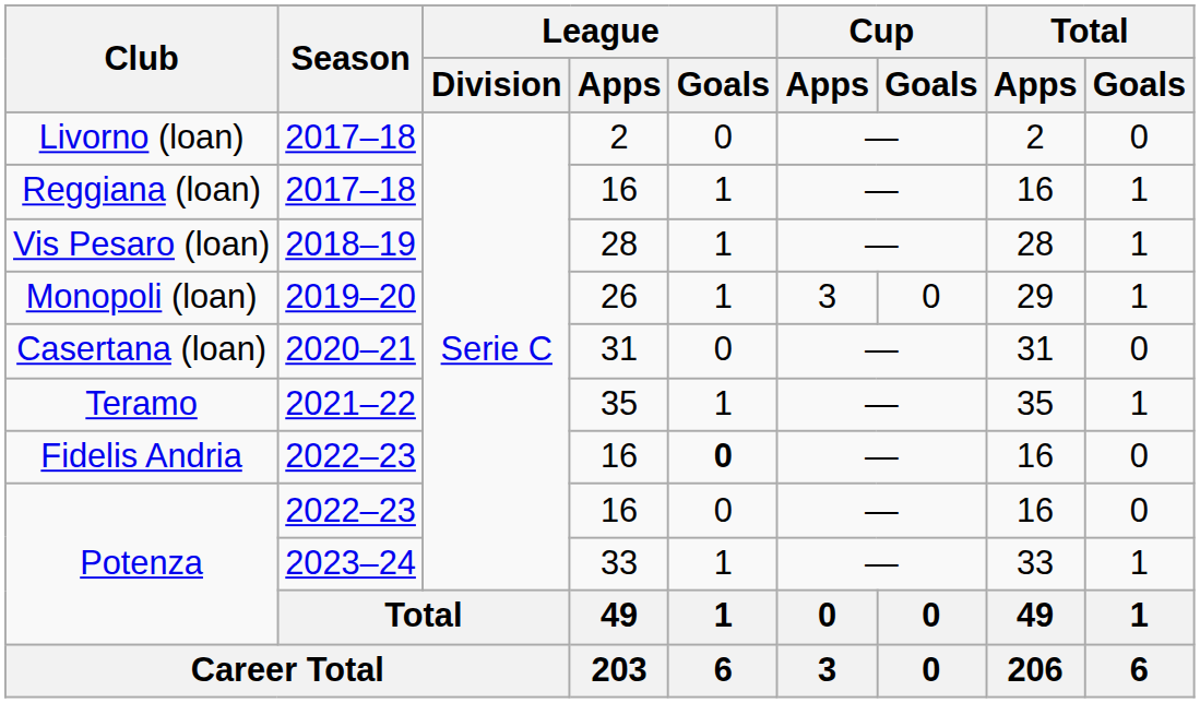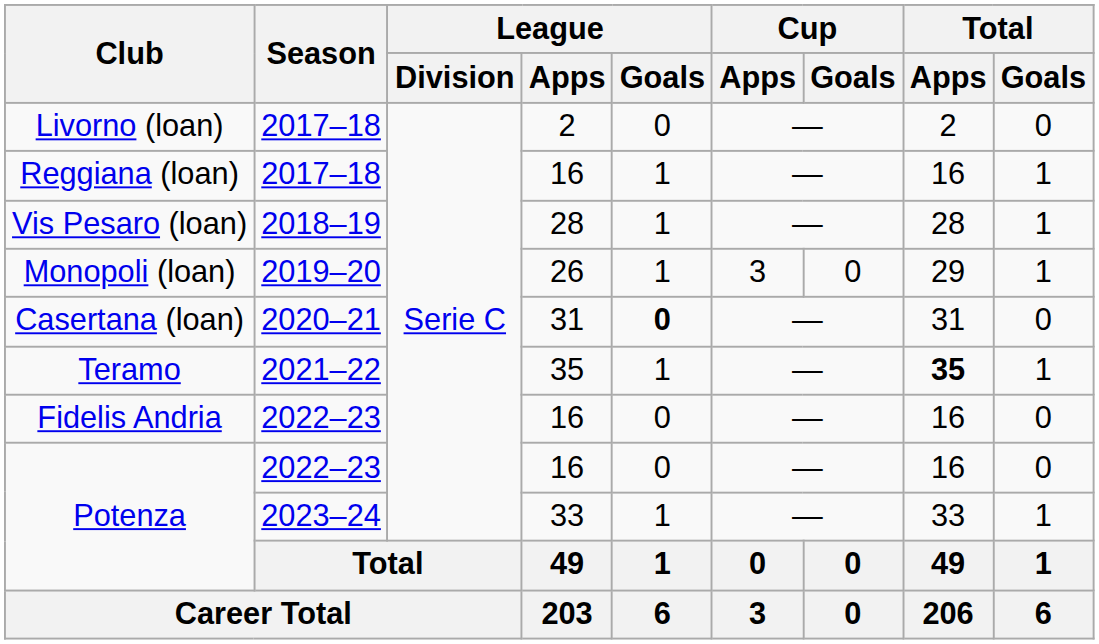 <table class="wikitable", style="text-align:center">
 <tr>
 <th rowspan="2">Club</th>
 <th rowspan="2">Season</th>
 <th colspan="3">League</th>
 <th colspan="2">Cup</th>
 <th colspan="2">Total</th>
 </tr>
 <tr>
 <th>Division</th>
 <th>Apps</th>
 <th>Goals</th>
 <th>Apps</th>
 <th>Goals</th>
 <th>Apps</th>
 <th>Goals</th>
 </tr>
 <tr>
 <td><a href='#'>Livorno</a> (loan)</td>
 <td><a href='#'>2017–18</a></td>
 <td rowspan="9"><a href='#'>Serie C</a></td>
 <td>2</td>
 <td>0</td>
 <td colspan="2">—</td>
 <td>2</td>
 <td>0</td>
 </tr>
 <tr>
 <td><a href='#'>Reggiana</a> (loan)</td>
 <td><a href='#'>2017–18</a></td>
 <td>16</td>
 <td>1</td>
 <td colspan="2">—</td>
 <td>16</td>
 <td>1</td>
 </tr>
 <tr>
 <td><a href='#'>Vis Pesaro</a> (loan)</td>
 <td><a href='#'>2018–19</a></td>
 <td>28</td>
 <td>1</td>
 <td colspan="2">—</td>
 <td>28</td>
 <td>1</td>
 </tr>
 <tr>
 <td><a href='#'>Monopoli</a> (loan)</td>
 <td><a href='#'>2019–20</a></td>
 <td>26</td>
 <td>1</td>
 <td>3</td>
 <td>0</td>
 <td>29</td>
 <td>1</td>
 </tr>
 <tr>
 <td><a href='#'>Casertana</a> (loan)</td>
 <td><a href='#'>2020–21</a></td>
 <td>31</td>
-<td>0</td>
+<td><strong>0</strong></td>
 <td colspan="2">—</td>
 <td>31</td>
 <td>0</td>
 </tr>
 <tr>
 <td><a href='#'>Teramo</a></td>
 <td><a href='#'>2021–22</a></td>
 <td>35</td>
 <td>1</td>
 <td colspan="2">—</td>
-<td>35</td>
+<td><strong>35</strong></td>
 <td>1</td>
 </tr>
 <tr>
 <td><a href='#'>Fidelis Andria</a></td>
 <td><a href='#'>2022–23</a></td>
 <td>16</td>
-<td><strong>0</strong></td>
+<td>0</td>
 <td colspan="2">—</td>
 <td>16</td>
 <td>0</td>
 </tr>
 <tr>
 <td rowspan="3"><a href='#'>Potenza</a></td>
 <td><a href='#'>2022–23</a></td>
 <td>16</td>
 <td>0</td>
 <td colspan="2">—</td>
 <td>16</td>
 <td>0</td>
 </tr>
 <tr>
 <td><a href='#'>2023–24</a></td>
 <td>33</td>
 <td>1</td>
 <td colspan="2">—</td>
 <td>33</td>
 <td>1</td>
 </tr>
 <tr>
 <th colspan="2">Total</th>
 <th>49</th>
 <th>1</th>
 <th>0</th>
 <th>0</th>
 <th>49</th>
 <th>1</th>
 </tr>
 <tr>
 <th colspan="3">Career Total</th>
 <th>203</th>
 <th>6</th>
 <th>3</th>
 <th>0</th>
 <th>206</th>
 <th>6</th>
 </tr>
 </table>
